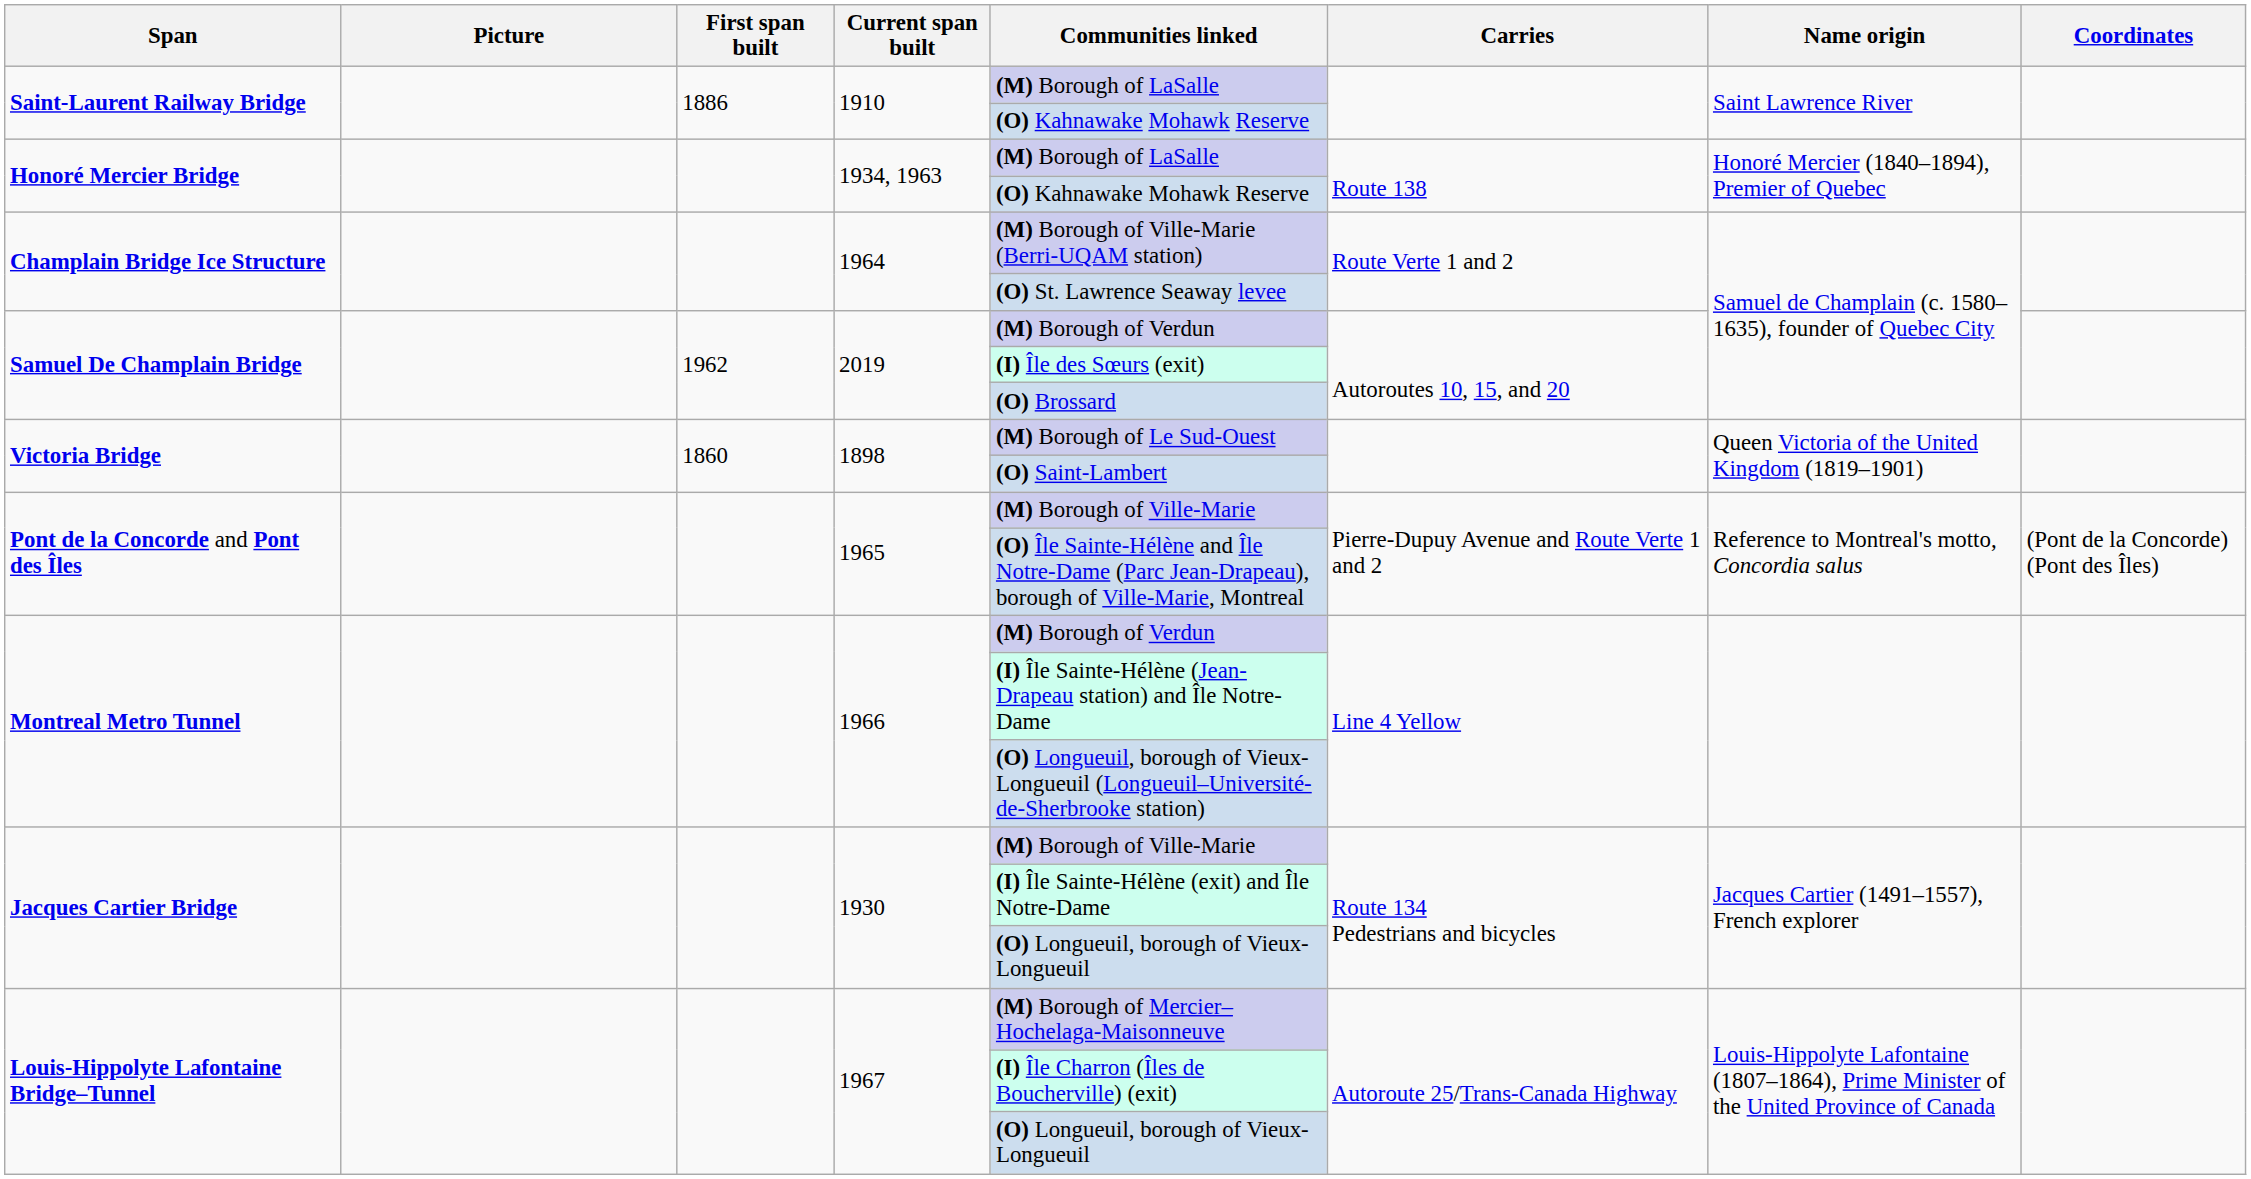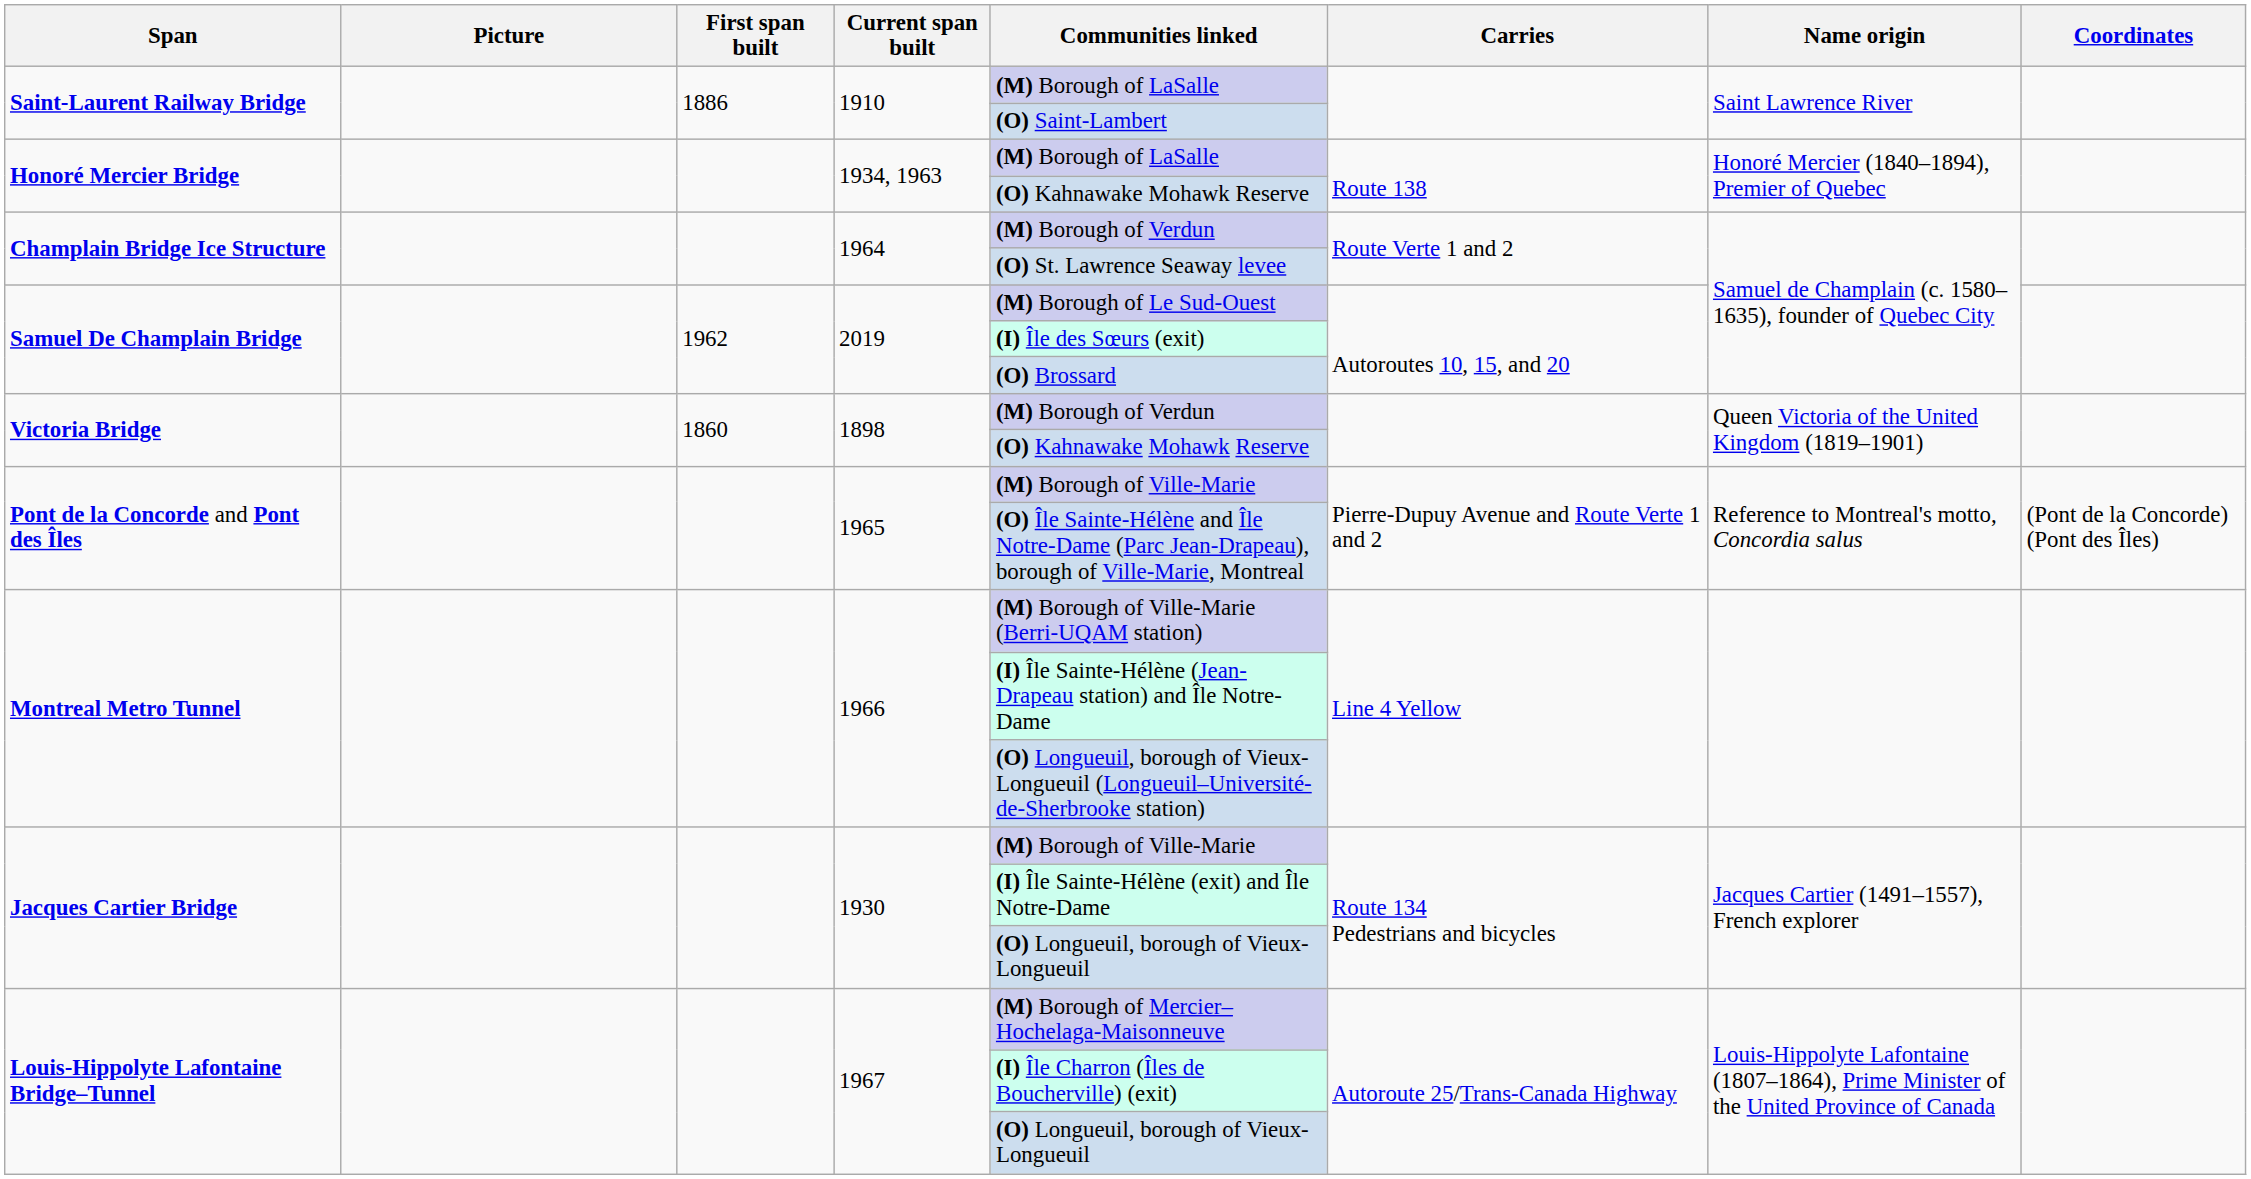 <table class=wikitable>
 <tr>
 <th width="15%">Span</th>
 <th width="15%">Picture</th>
 <th width="7%">First span built</th>
 <th width="7%">Current span built</th>
 <th width="15%">Communities linked</th>
 <th width="17%">Carries</th>
 <th width="14%">Name origin</th>
 <th width="10%"><a href='#'>Coordinates</a></th>
 </tr>
 <tr>
 <td rowspan="2"><strong><a href='#'>Saint-Laurent Railway Bridge</a></strong></td>
 <td rowspan="2"></td>
 <td rowspan="2">1886</td>
 <td rowspan="2">1910</td>
 <td style="background:#ccccee;"><strong>(M)</strong> Borough of <a href='#'>LaSalle</a></td>
 <td rowspan="2"></td>
 <td rowspan="2"><a href='#'>Saint Lawrence River</a></td>
 <td rowspan="2"></td>
 </tr>
 <tr>
-<td style="background:#ccddee;"><strong>(O)</strong> <a href='#'>Kahnawake</a> <a href='#'>Mohawk</a> <a href='#'>Reserve</a></td>
+<td style="background:#ccddee;"><strong>(O)</strong> <a href='#'>Saint-Lambert</a></td>
 </tr>
 <tr>
 <td rowspan="2"><strong><a href='#'>Honoré Mercier Bridge</a></strong></td>
 <td rowspan="2"></td>
 <td rowspan="2"></td>
 <td rowspan="2">1934, 1963</td>
 <td style="background:#ccccee;"><strong>(M)</strong> Borough of <a href='#'>LaSalle</a></td>
 <td rowspan="2"><br><a href='#'>Route 138</a></td>
 <td rowspan="2"><a href='#'>Honoré Mercier</a> (1840–1894), <a href='#'>Premier of Quebec</a></td>
 <td rowspan="2"></td>
 </tr>
 <tr>
 <td style="background:#ccddee;"><strong>(O)</strong> Kahnawake Mohawk Reserve</td>
 </tr>
 <tr>
 <td rowspan="2"><strong><a href='#'>Champlain Bridge Ice Structure</a></strong></td>
 <td rowspan="2"></td>
 <td rowspan="2"></td>
 <td rowspan="2">1964</td>
-<td style="background:#ccccee;"><strong>(M)</strong> Borough of Ville-Marie (<a href='#'>Berri-UQAM</a> station)</td>
+<td style="background:#ccccee;"><strong>(M)</strong> Borough of <a href='#'>Verdun</a></td>
 <td rowspan="2"><a href='#'>Route Verte</a> 1 and 2</td>
 <td rowspan="5"><a href='#'>Samuel de Champlain</a> (c. 1580–1635), founder of <a href='#'>Quebec City</a></td>
 <td rowspan="2"></td>
 </tr>
 <tr>
 <td style="background:#ccddee;"><strong>(O)</strong> St. Lawrence Seaway <a href='#'>levee</a></td>
 </tr>
 <tr>
 <td rowspan="3"><strong><a href='#'>Samuel De Champlain Bridge</a></strong></td>
 <td rowspan="3"></td>
 <td rowspan="3">1962</td>
 <td rowspan="3">2019</td>
-<td style="background:#ccccee;"><strong>(M)</strong> Borough of Verdun</td>
+<td style="background:#ccccee;"><strong>(M)</strong> Borough of <a href='#'>Le Sud-Ouest</a></td>
 <td rowspan="3">  <br><br>Autoroutes <a href='#'>10</a>, <a href='#'>15</a>, and <a href='#'>20</a></td>
 <td rowspan="3"></td>
 </tr>
 <tr>
 <td style="background:#ccffee;"><strong>(I)</strong> <a href='#'>Île des Sœurs</a> (exit)</td>
 </tr>
 <tr>
 <td style="background:#ccddee;"><strong>(O)</strong> <a href='#'>Brossard</a></td>
 </tr>
 <tr>
 <td rowspan="2"><strong><a href='#'>Victoria Bridge</a></strong></td>
 <td rowspan="2"></td>
 <td rowspan="2">1860</td>
 <td rowspan="2">1898</td>
-<td style="background:#ccccee;"><strong>(M)</strong> Borough of <a href='#'>Le Sud-Ouest</a></td>
+<td style="background:#ccccee;"><strong>(M)</strong> Borough of Verdun</td>
 <td rowspan="2"></td>
 <td rowspan="2">Queen <a href='#'>Victoria of the United Kingdom</a> (1819–1901)</td>
 <td rowspan="2"></td>
 </tr>
 <tr>
-<td style="background:#ccddee;"><strong>(O)</strong> <a href='#'>Saint-Lambert</a></td>
+<td style="background:#ccddee;"><strong>(O)</strong> <a href='#'>Kahnawake</a> <a href='#'>Mohawk</a> <a href='#'>Reserve</a></td>
 </tr>
 <tr>
 <td rowspan="2"><strong><a href='#'>Pont de la Concorde</a></strong> and <strong><a href='#'>Pont des Îles</a></strong></td>
 <td rowspan="2"></td>
 <td rowspan="2"></td>
 <td rowspan="2">1965</td>
 <td style="background:#ccccee;"><strong>(M)</strong> Borough of <a href='#'>Ville-Marie</a></td>
 <td rowspan="2">Pierre-Dupuy Avenue and <a href='#'>Route Verte</a> 1 and 2</td>
 <td rowspan="2">Reference to Montreal's motto, <em>Concordia salus</em></td>
 <td rowspan="2"> (Pont de la Concorde)<br> (Pont des Îles)</td>
 </tr>
 <tr>
 <td style="background:#ccddee;"><strong>(O)</strong> <a href='#'>Île Sainte-Hélène</a> and <a href='#'>Île Notre-Dame</a> (<a href='#'>Parc Jean-Drapeau</a>), borough of <a href='#'>Ville-Marie</a>, Montreal</td>
 </tr>
 <tr>
 <td rowspan="3"><strong><a href='#'>Montreal Metro Tunnel</a></strong></td>
 <td rowspan="3"></td>
 <td rowspan="3"></td>
 <td rowspan="3">1966</td>
-<td style="background:#ccccee;"><strong>(M)</strong> Borough of <a href='#'>Verdun</a></td>
+<td style="background:#ccccee;"><strong>(M)</strong> Borough of Ville-Marie (<a href='#'>Berri-UQAM</a> station)</td>
 <td rowspan="3">  <a href='#'>Line 4 Yellow</a></td>
 <td rowspan="3"></td>
 <td rowspan="3"></td>
 </tr>
 <tr>
 <td style="background:#ccffee;"><strong>(I)</strong> Île Sainte-Hélène (<a href='#'>Jean-Drapeau</a> station) and Île Notre-Dame</td>
 </tr>
 <tr>
 <td style="background:#ccddee;"><strong>(O)</strong> <a href='#'>Longueuil</a>, borough of Vieux-Longueuil (<a href='#'>Longueuil–Université-de-Sherbrooke</a> station)</td>
 </tr>
 <tr>
 <td rowspan="3"><strong><a href='#'>Jacques Cartier Bridge</a></strong></td>
 <td rowspan="3"></td>
 <td rowspan="3"></td>
 <td rowspan="3">1930</td>
 <td style="background:#ccccee;"><strong>(M)</strong> Borough of Ville-Marie</td>
 <td rowspan="3"><br><a href='#'>Route 134</a><br>Pedestrians and bicycles</td>
 <td rowspan="3"><a href='#'>Jacques Cartier</a> (1491–1557), French explorer</td>
 <td rowspan="3"></td>
 </tr>
 <tr>
 <td style="background:#ccffee;"><strong>(I)</strong> Île Sainte-Hélène (exit) and Île Notre-Dame</td>
 </tr>
 <tr>
 <td style="background:#ccddee;"><strong>(O)</strong> Longueuil, borough of Vieux-Longueuil</td>
 </tr>
 <tr>
 <td rowspan="3"><strong><a href='#'>Louis-Hippolyte Lafontaine Bridge–Tunnel</a></strong></td>
 <td rowspan="3"></td>
 <td rowspan="3"></td>
 <td rowspan="3">1967</td>
 <td style="background:#ccccee;"><strong>(M)</strong> Borough of <a href='#'>Mercier–Hochelaga-Maisonneuve</a></td>
 <td rowspan="3"> <br><a href='#'>Autoroute 25</a>/<a href='#'>Trans-Canada Highway</a></td>
 <td rowspan="3"><a href='#'>Louis-Hippolyte Lafontaine</a> (1807–1864), <a href='#'>Prime Minister</a> of the <a href='#'>United Province of Canada</a></td>
 <td rowspan="3"></td>
 </tr>
 <tr>
 <td style="background:#ccffee;"><strong>(I)</strong> <a href='#'>Île Charron</a> (<a href='#'>Îles de Boucherville</a>) (exit)</td>
 </tr>
 <tr>
 <td style="background:#ccddee;"><strong>(O)</strong> Longueuil, borough of Vieux-Longueuil</td>
 </tr>
 <tr>
 </tr>
 </table>
